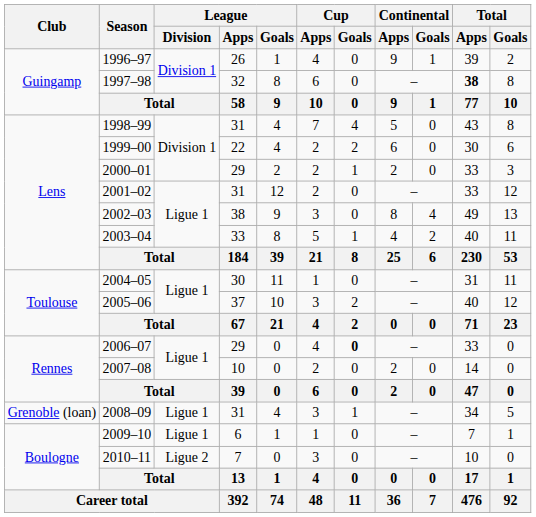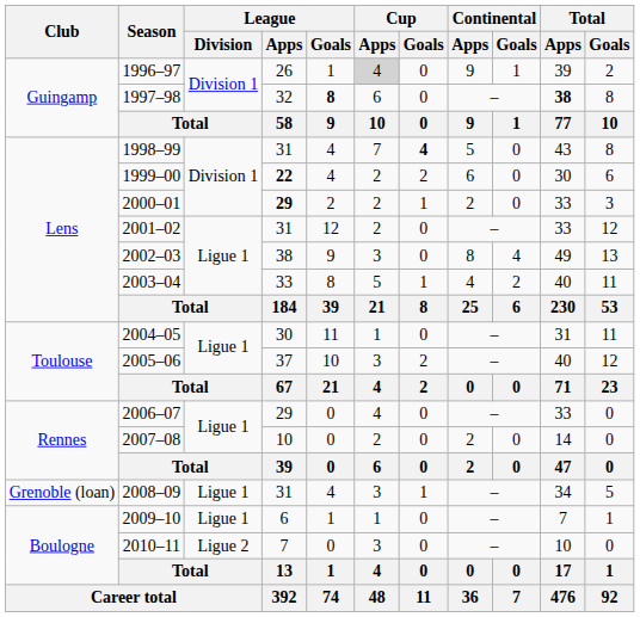 <table class="wikitable" style="text-align: center;">
 <tr>
 <th rowspan="2">Club</th>
 <th rowspan="2">Season</th>
 <th colspan="3">League</th>
 <th colspan="2">Cup</th>
 <th colspan="2">Continental</th>
 <th colspan="2">Total</th>
 </tr>
 <tr>
 <th>Division</th>
 <th>Apps</th>
 <th>Goals</th>
 <th>Apps</th>
 <th>Goals</th>
 <th>Apps</th>
 <th>Goals</th>
 <th>Apps</th>
 <th>Goals</th>
 </tr>
 <tr>
 <td rowspan="3"><a href='#'>Guingamp</a></td>
 <td>1996–97</td>
 <td rowspan="2"><a href='#'>Division 1</a></td>
 <td>26</td>
 <td>1</td>
-<td>4</td>
+<td style="background: lightgrey;">4</td>
 <td>0</td>
 <td>9</td>
 <td>1</td>
 <td>39</td>
 <td>2</td>
 </tr>
 <tr>
 <td>1997–98</td>
 <td>32</td>
-<td>8</td>
+<td><strong>8</strong></td>
 <td>6</td>
 <td>0</td>
 <td colspan="2">–</td>
 <td><strong>38</strong></td>
 <td>8</td>
 </tr>
 <tr>
 <th colspan="2">Total</th>
 <th>58</th>
 <th>9</th>
 <th>10</th>
 <th>0</th>
 <th>9</th>
 <th>1</th>
 <th>77</th>
 <th>10</th>
 </tr>
 <tr>
 <td rowspan="7"><a href='#'>Lens</a></td>
 <td>1998–99</td>
 <td rowspan="3">Division 1</td>
 <td>31</td>
 <td>4</td>
 <td>7</td>
-<td>4</td>
+<td><strong>4</strong></td>
 <td>5</td>
 <td>0</td>
 <td>43</td>
 <td>8</td>
 </tr>
 <tr>
 <td>1999–00</td>
-<td>22</td>
+<td><strong>22</strong></td>
 <td>4</td>
 <td>2</td>
 <td>2</td>
 <td>6</td>
 <td>0</td>
 <td>30</td>
 <td>6</td>
 </tr>
 <tr>
 <td>2000–01</td>
-<td>29</td>
+<td><strong>29</strong></td>
 <td>2</td>
 <td>2</td>
 <td>1</td>
 <td>2</td>
 <td>0</td>
 <td>33</td>
 <td>3</td>
 </tr>
 <tr>
 <td>2001–02</td>
 <td rowspan="3">Ligue 1</td>
 <td>31</td>
 <td>12</td>
 <td>2</td>
 <td>0</td>
 <td colspan="2">–</td>
 <td>33</td>
 <td>12</td>
 </tr>
 <tr>
 <td>2002–03</td>
 <td>38</td>
 <td>9</td>
 <td>3</td>
 <td>0</td>
 <td>8</td>
 <td>4</td>
 <td>49</td>
 <td>13</td>
 </tr>
 <tr>
 <td>2003–04</td>
 <td>33</td>
 <td>8</td>
 <td>5</td>
 <td>1</td>
 <td>4</td>
 <td>2</td>
 <td>40</td>
 <td>11</td>
 </tr>
 <tr>
 <th colspan="2">Total</th>
 <th>184</th>
 <th>39</th>
 <th>21</th>
 <th>8</th>
 <th>25</th>
 <th>6</th>
 <th>230</th>
 <th>53</th>
 </tr>
 <tr>
 <td rowspan="3"><a href='#'>Toulouse</a></td>
 <td>2004–05</td>
 <td rowspan="2">Ligue 1</td>
 <td>30</td>
 <td>11</td>
 <td>1</td>
 <td>0</td>
 <td colspan="2">–</td>
 <td>31</td>
 <td>11</td>
 </tr>
 <tr>
 <td>2005–06</td>
 <td>37</td>
 <td>10</td>
 <td>3</td>
 <td>2</td>
 <td colspan="2">–</td>
 <td>40</td>
 <td>12</td>
 </tr>
 <tr>
 <th colspan="2">Total</th>
 <th>67</th>
 <th>21</th>
 <th>4</th>
 <th>2</th>
 <th>0</th>
 <th>0</th>
 <th>71</th>
 <th>23</th>
 </tr>
 <tr>
 <td rowspan="3"><a href='#'>Rennes</a></td>
 <td>2006–07</td>
 <td rowspan="2">Ligue 1</td>
 <td>29</td>
 <td>0</td>
 <td>4</td>
-<td><strong>0</strong></td>
+<td>0</td>
 <td colspan="2">–</td>
 <td>33</td>
 <td>0</td>
 </tr>
 <tr>
 <td>2007–08</td>
 <td>10</td>
 <td>0</td>
 <td>2</td>
 <td>0</td>
 <td>2</td>
 <td>0</td>
 <td>14</td>
 <td>0</td>
 </tr>
 <tr>
 <th colspan="2">Total</th>
 <th>39</th>
 <th>0</th>
 <th>6</th>
 <th>0</th>
 <th>2</th>
 <th>0</th>
 <th>47</th>
 <th>0</th>
 </tr>
 <tr>
 <td><a href='#'>Grenoble</a> (loan)</td>
 <td>2008–09</td>
 <td>Ligue 1</td>
 <td>31</td>
 <td>4</td>
 <td>3</td>
 <td>1</td>
 <td colspan="2">–</td>
 <td>34</td>
 <td>5</td>
 </tr>
 <tr>
 <td rowspan="3"><a href='#'>Boulogne</a></td>
 <td>2009–10</td>
 <td>Ligue 1</td>
 <td>6</td>
 <td>1</td>
 <td>1</td>
 <td>0</td>
 <td colspan="2">–</td>
 <td>7</td>
 <td>1</td>
 </tr>
 <tr>
 <td>2010–11</td>
 <td>Ligue 2</td>
 <td>7</td>
 <td>0</td>
 <td>3</td>
 <td>0</td>
 <td colspan="2">–</td>
 <td>10</td>
 <td>0</td>
 </tr>
 <tr>
 <th colspan="2">Total</th>
 <th>13</th>
 <th>1</th>
 <th>4</th>
 <th>0</th>
 <th>0</th>
 <th>0</th>
 <th>17</th>
 <th>1</th>
 </tr>
 <tr>
 <th colspan="3">Career total</th>
 <th>392</th>
 <th>74</th>
 <th>48</th>
 <th>11</th>
 <th>36</th>
 <th>7</th>
 <th>476</th>
 <th>92</th>
 </tr>
 </table>
